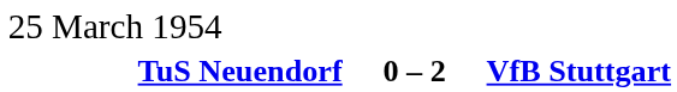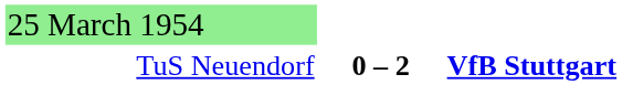 <table width=100% cellspacing=1>
 <tr>
 <th width=25%></th>
 <th width=10%></th>
 <th width=25%></th>
 <th></th>
 </tr>
 <tr>
-<td>25 March 1954</td>
+<td style="background: lightgreen;">25 March 1954</td>
 </tr>
 <tr style=font-size:90%>
-<td align=right><strong><a href='#'>TuS Neuendorf</a></strong></td>
+<td align=right><a href='#'>TuS Neuendorf</a></td>
 <td align=center><strong>0 – 2</strong></td>
 <td><strong><a href='#'>VfB Stuttgart</a></strong></td>
 </tr>
 </table>
